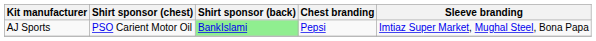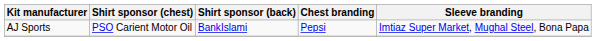 <table class="wikitable"  style="font-size:85%;">
 <tr>
 <th>Kit manufacturer</th>
 <th>Shirt sponsor (chest)</th>
 <th>Shirt sponsor (back)</th>
 <th>Chest branding</th>
 <th>Sleeve branding</th>
 </tr>
 <tr>
 <td>AJ Sports</td>
 <td><a href='#'>PSO</a> Carient Motor Oil</td>
-<td style="background: lightgreen;"><a href='#'>BankIslami</a></td>
+<td><a href='#'>BankIslami</a></td>
 <td><a href='#'>Pepsi</a></td>
 <td><a href='#'>Imtiaz Super Market</a>, <a href='#'>Mughal Steel</a>, Bona Papa</td>
 </tr>
 <tr>
 </tr>
 </table>
